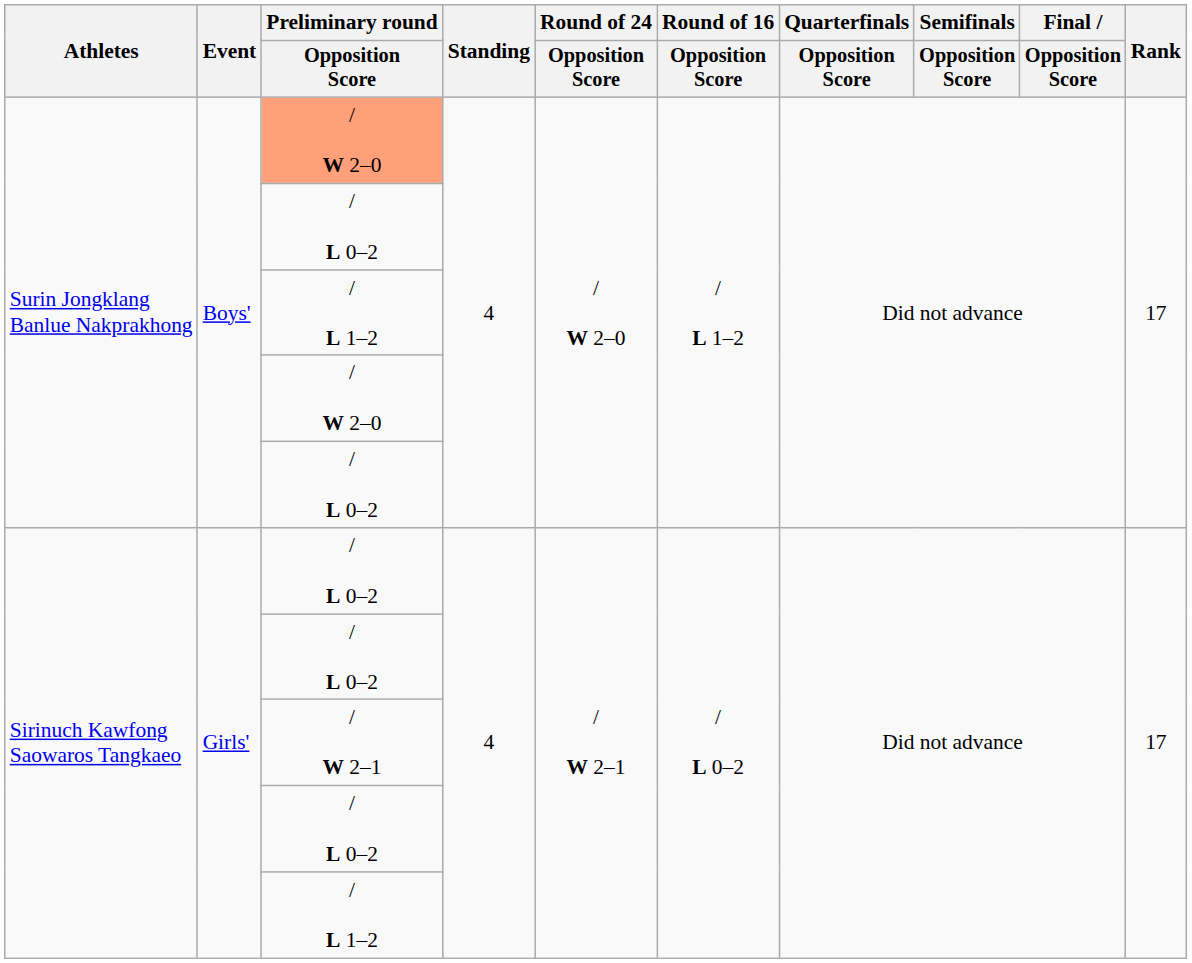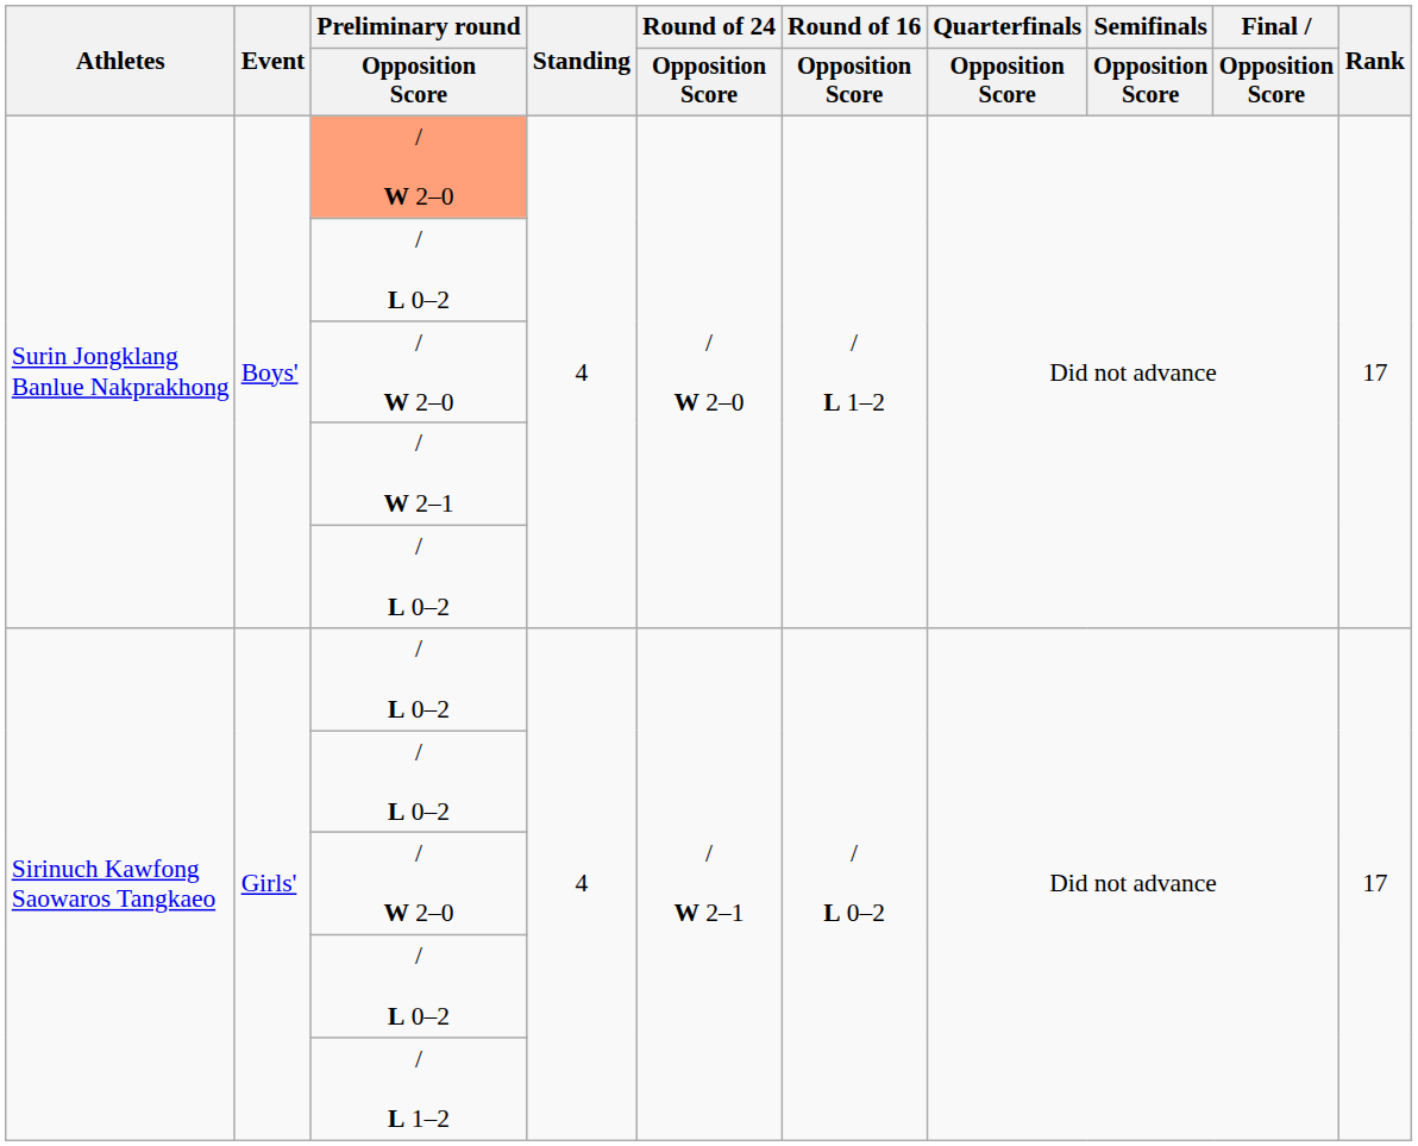 <table class=wikitable style="font-size:90%">
 <tr>
 <th rowspan="2">Athletes</th>
 <th rowspan="2">Event</th>
 <th>Preliminary round</th>
 <th rowspan="2">Standing</th>
 <th>Round of 24</th>
 <th>Round of 16</th>
 <th>Quarterfinals</th>
 <th>Semifinals</th>
 <th>Final / </th>
 <th rowspan=2>Rank</th>
 </tr>
 <tr style="font-size:95%">
 <th>Opposition<br>Score</th>
 <th>Opposition<br>Score</th>
 <th>Opposition<br>Score</th>
 <th>Opposition<br>Score</th>
 <th>Opposition<br>Score</th>
 <th>Opposition<br>Score</th>
 </tr>
 <tr align=center>
 <td align=left rowspan=5><a href='#'>Surin Jongklang</a><br><a href='#'>Banlue Nakprakhong</a></td>
 <td align=left rowspan=5><a href='#'>Boys'</a></td>
 <td style="background: lightsalmon;">/<br><br><strong>W</strong> 2–0</td>
 <td rowspan=5>4</td>
 <td rowspan=5>/<br><br><strong>W</strong> 2–0</td>
 <td rowspan=5>/<br><br><strong>L</strong> 1–2</td>
 <td rowspan=5 colspan=3 align=center>Did not advance</td>
 <td rowspan=5>17</td>
 </tr>
 <tr align=center>
 <td>/<br><br><strong>L</strong> 0–2</td>
 </tr>
 <tr align=center>
-<td>/<br><br><strong>L</strong> 1–2</td>
+<td>/<br><br><strong>W</strong> 2–0</td>
 </tr>
 <tr align=center>
-<td>/<br><br><strong>W</strong> 2–0</td>
+<td>/<br><br><strong>W</strong> 2–1</td>
 </tr>
 <tr align=center>
 <td>/<br><br><strong>L</strong> 0–2</td>
 </tr>
 <tr align=center>
 <td align=left rowspan=5><a href='#'>Sirinuch Kawfong</a><br><a href='#'>Saowaros Tangkaeo</a></td>
 <td align=left rowspan=5><a href='#'>Girls'</a></td>
 <td>/<br><br><strong>L</strong> 0–2</td>
 <td rowspan=5>4</td>
 <td rowspan=5>/<br><br><strong>W</strong> 2–1</td>
 <td rowspan=5>/<br><br><strong>L</strong> 0–2</td>
 <td rowspan=5 colspan=3 align=center>Did not advance</td>
 <td rowspan=5>17</td>
 </tr>
 <tr align=center>
 <td>/<br><br><strong>L</strong> 0–2</td>
 </tr>
 <tr align=center>
-<td>/<br><br><strong>W</strong> 2–1</td>
+<td>/<br><br><strong>W</strong> 2–0</td>
 </tr>
 <tr align=center>
 <td>/<br><br><strong>L</strong> 0–2</td>
 </tr>
 <tr align=center>
 <td>/<br><br><strong>L</strong> 1–2</td>
 </tr>
 </table>
